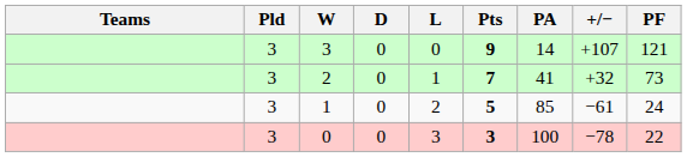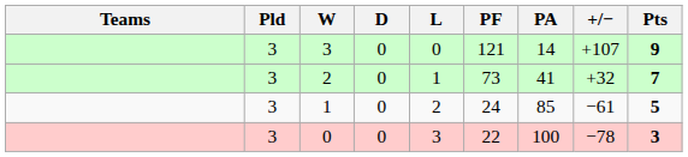 <table class="wikitable" style="text-align: center;">
 <tr>
 <th width="200">Teams</th>
 <th width="40">Pld</th>
 <th width="40">W</th>
 <th width="40">D</th>
 <th width="40">L</th>
-<th width="40">Pts</th>
+<th width="40">PF</th>
 <th width="40">PA</th>
 <th width="40">+/−</th>
-<th width="40">PF</th>
+<th width="40">Pts</th>
 </tr>
 <tr bgcolor=ccffcc>
 <td align=left></td>
 <td>3</td>
 <td>3</td>
 <td>0</td>
 <td>0</td>
-<td><strong>9</strong></td>
+<td>121</td>
 <td>14</td>
 <td>+107</td>
-<td>121</td>
+<td><strong>9</strong></td>
 </tr>
 <tr bgcolor=ccffcc>
 <td align=left></td>
 <td>3</td>
 <td>2</td>
 <td>0</td>
 <td>1</td>
-<td><strong>7</strong></td>
+<td>73</td>
 <td>41</td>
 <td>+32</td>
-<td>73</td>
+<td><strong>7</strong></td>
 </tr>
 <tr>
 <td align=left></td>
 <td>3</td>
 <td>1</td>
 <td>0</td>
 <td>2</td>
-<td><strong>5</strong></td>
+<td>24</td>
 <td>85</td>
 <td>−61</td>
-<td>24</td>
+<td><strong>5</strong></td>
 </tr>
 <tr bgcolor=ffcccc>
 <td align=left></td>
 <td>3</td>
 <td>0</td>
 <td>0</td>
 <td>3</td>
-<td><strong>3</strong></td>
+<td>22</td>
 <td>100</td>
 <td>−78</td>
-<td>22</td>
+<td><strong>3</strong></td>
 </tr>
 </table>
